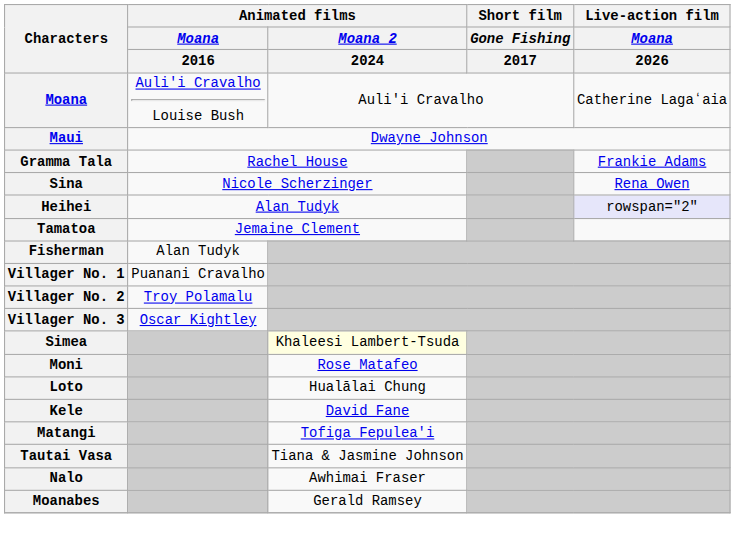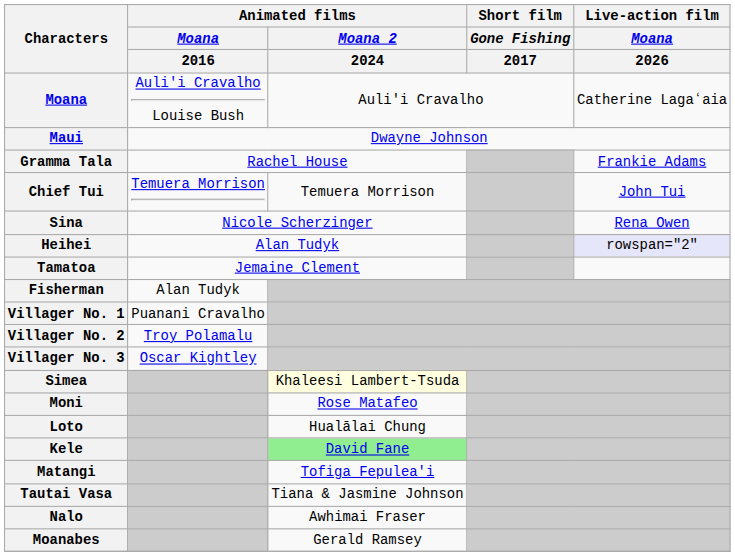 <table class="wikitable" style="text-align:center">
 <tr>
 <th rowspan="3">Characters</th>
 <th colspan="2">Animated films</th>
 <th>Short film</th>
 <th>Live-action film</th>
 </tr>
 <tr>
 <th style="text-align:center;"><em><a href='#'>Moana</a></em></th>
 <th style="text-align:center;"><em><a href='#'>Moana 2</a></em></th>
 <th style="text-align:center;"><em>Gone Fishing</em></th>
 <th style="text-align:center;"><em><a href='#'>Moana</a></em></th>
 </tr>
 <tr>
 <th>2016</th>
 <th>2024</th>
 <th>2017</th>
 <th>2026</th>
 </tr>
 <tr>
 <th><a href='#'>Moana</a></th>
 <td><a href='#'>Auli'i Cravalho</a><hr>Louise Bush</td>
 <td colspan="2">Auli'i Cravalho</td>
 <td>Catherine Lagaʻaia</td>
 </tr>
 <tr>
 <th><a href='#'>Maui</a></th>
 <td colspan="4"><a href='#'>Dwayne Johnson</a></td>
 </tr>
 <tr>
 <th>Gramma Tala</th>
 <td colspan="2"><a href='#'>Rachel House</a></td>
 <td style="background:#CCCCCC;"></td>
 <td><a href='#'>Frankie Adams</a></td>
+</tr>
+<tr>
+<th>Chief Tui</th>
+<td><a href='#'>Temuera Morrison</a><hr></td>
+<td>Temuera Morrison</td>
+<td style="background:#CCCCCC;"></td>
+<td><a href='#'>John Tui</a></td>
 </tr>
 <tr>
 <th>Sina</th>
 <td colspan="2"><a href='#'>Nicole Scherzinger</a></td>
 <td style="background:#CCCCCC;"></td>
 <td><a href='#'>Rena Owen</a></td>
 </tr>
 <tr>
 <th>Heihei</th>
 <td colspan="2"><a href='#'>Alan Tudyk</a></td>
 <td style="background:#CCCCCC;"></td>
 <td style="background: lavender;">rowspan="2" </td>
 </tr>
 <tr>
 <th>Tamatoa</th>
 <td colspan="2"><a href='#'>Jemaine Clement</a></td>
 <td style="background:#CCCCCC;"></td>
 </tr>
 <tr>
 <th>Fisherman</th>
 <td>Alan Tudyk</td>
 <td colspan="3" style="background:#CCCCCC;"></td>
 </tr>
 <tr>
 <th>Villager No. 1</th>
 <td>Puanani Cravalho</td>
 <td colspan="3" style="background:#CCCCCC;"></td>
 </tr>
 <tr>
 <th>Villager No. 2</th>
 <td><a href='#'>Troy Polamalu</a></td>
 <td colspan="3" style="background:#CCCCCC;"></td>
 </tr>
 <tr>
 <th>Villager No. 3</th>
 <td><a href='#'>Oscar Kightley</a></td>
 <td colspan="3" style="background:#CCCCCC;"></td>
 </tr>
 <tr>
 <th>Simea</th>
 <td style="background:#CCCCCC;"></td>
 <td style="background: lightyellow;">Khaleesi Lambert-Tsuda</td>
 <td colspan="2" style="background:#CCCCCC;"></td>
 </tr>
 <tr>
 <th>Moni</th>
 <td style="background:#CCCCCC;"></td>
 <td><a href='#'>Rose Matafeo</a></td>
 <td colspan="2" style="background:#CCCCCC;"></td>
 </tr>
 <tr>
 <th>Loto</th>
 <td style="background:#CCCCCC;"></td>
 <td>Hualālai Chung</td>
 <td colspan="2" style="background:#CCCCCC;"></td>
 </tr>
 <tr>
 <th>Kele</th>
 <td style="background:#CCCCCC;"></td>
-<td><a href='#'>David Fane</a></td>
+<td style="background: lightgreen;"><a href='#'>David Fane</a></td>
 <td colspan="2" style="background:#CCCCCC;"></td>
 </tr>
 <tr>
 <th>Matangi</th>
 <td style="background:#CCCCCC;"></td>
 <td><a href='#'>Tofiga Fepulea'i</a></td>
 <td colspan="2" style="background:#CCCCCC;"></td>
 </tr>
 <tr>
 <th>Tautai Vasa</th>
 <td style="background:#CCCCCC;"></td>
 <td>Tiana & Jasmine Johnson</td>
 <td colspan="2" style="background:#CCCCCC;"></td>
 </tr>
 <tr>
 <th>Nalo</th>
 <td style="background:#CCCCCC;"></td>
 <td>Awhimai Fraser</td>
 <td colspan="2" style="background:#CCCCCC;"></td>
 </tr>
 <tr>
 <th>Moanabes</th>
 <td style="background:#CCCCCC;"></td>
 <td>Gerald Ramsey</td>
 <td colspan="2" style="background:#CCCCCC;"></td>
 </tr>
 <tr>
 </tr>
 </table>
